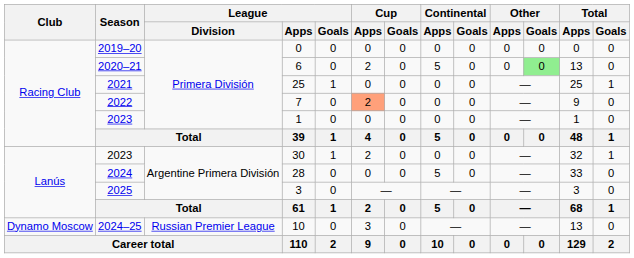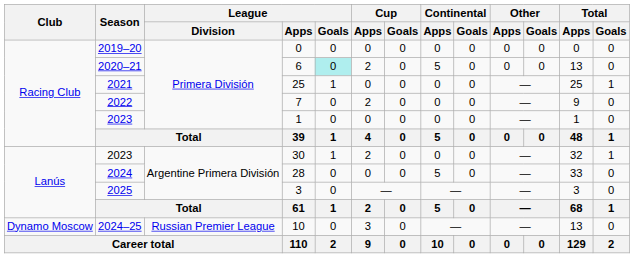 <table class="wikitable" style="text-align:center">
 <tr>
 <th rowspan="2">Club</th>
 <th rowspan="2">Season</th>
 <th colspan="3">League</th>
 <th colspan="2">Cup</th>
 <th colspan="2">Continental</th>
 <th colspan="2">Other</th>
 <th colspan="2">Total</th>
 </tr>
 <tr>
 <th>Division</th>
 <th>Apps</th>
 <th>Goals</th>
 <th>Apps</th>
 <th>Goals</th>
 <th>Apps</th>
 <th>Goals</th>
 <th>Apps</th>
 <th>Goals</th>
 <th>Apps</th>
 <th>Goals</th>
 </tr>
 <tr>
 <td rowspan="6"><a href='#'>Racing Club</a></td>
 <td><a href='#'>2019–20</a></td>
 <td rowspan="5"><a href='#'>Primera División</a></td>
 <td>0</td>
 <td>0</td>
 <td>0</td>
 <td>0</td>
 <td>0</td>
 <td>0</td>
 <td>0</td>
 <td>0</td>
 <td>0</td>
 <td>0</td>
 </tr>
 <tr>
 <td><a href='#'>2020–21</a></td>
 <td>6</td>
-<td>0</td>
+<td style="background: paleturquoise;">0</td>
 <td>2</td>
 <td>0</td>
 <td>5</td>
 <td>0</td>
 <td>0</td>
-<td style="background: lightgreen;">0</td>
+<td>0</td>
 <td>13</td>
 <td>0</td>
 </tr>
 <tr>
 <td><a href='#'>2021</a></td>
 <td>25</td>
 <td>1</td>
 <td>0</td>
 <td>0</td>
 <td>0</td>
 <td>0</td>
 <td colspan="2">—</td>
 <td>25</td>
 <td>1</td>
 </tr>
 <tr>
 <td><a href='#'>2022</a></td>
 <td>7</td>
 <td>0</td>
-<td style="background: lightsalmon;">2</td>
+<td>2</td>
 <td>0</td>
 <td>0</td>
 <td>0</td>
 <td colspan="2">—</td>
 <td>9</td>
 <td>0</td>
 </tr>
 <tr>
 <td><a href='#'>2023</a></td>
 <td>1</td>
 <td>0</td>
 <td>0</td>
 <td>0</td>
 <td>0</td>
 <td>0</td>
 <td colspan="2">—</td>
 <td>1</td>
 <td>0</td>
 </tr>
 <tr>
 <th colspan="2">Total</th>
 <th>39</th>
 <th>1</th>
 <th>4</th>
 <th>0</th>
 <th>5</th>
 <th>0</th>
 <th>0</th>
 <th>0</th>
 <th>48</th>
 <th>1</th>
 </tr>
 <tr>
 <td rowspan="4"><a href='#'>Lanús</a></td>
 <td>2023</td>
 <td rowspan="3">Argentine Primera División</td>
 <td>30</td>
 <td>1</td>
 <td>2</td>
 <td>0</td>
 <td>0</td>
 <td>0</td>
 <td colspan="2">—</td>
 <td>32</td>
 <td>1</td>
 </tr>
 <tr>
 <td><a href='#'>2024</a></td>
 <td>28</td>
 <td>0</td>
 <td>0</td>
 <td>0</td>
 <td>5</td>
 <td>0</td>
 <td colspan="2">—</td>
 <td>33</td>
 <td>0</td>
 </tr>
 <tr>
 <td><a href='#'>2025</a></td>
 <td>3</td>
 <td>0</td>
 <td colspan="2">—</td>
 <td colspan="2">—</td>
 <td colspan="2">—</td>
 <td>3</td>
 <td>0</td>
 </tr>
 <tr>
 <th colspan="2">Total</th>
 <th>61</th>
 <th>1</th>
 <th>2</th>
 <th>0</th>
 <th>5</th>
 <th>0</th>
 <th colspan="2">—</th>
 <th>68</th>
 <th>1</th>
 </tr>
 <tr>
 <td><a href='#'>Dynamo Moscow</a></td>
 <td><a href='#'>2024–25</a></td>
 <td><a href='#'>Russian Premier League</a></td>
 <td>10</td>
 <td>0</td>
 <td>3</td>
 <td>0</td>
 <td colspan="2">—</td>
 <td colspan="2">—</td>
 <td>13</td>
 <td>0</td>
 </tr>
 <tr>
 <th colspan="3">Career total</th>
 <th>110</th>
 <th>2</th>
 <th>9</th>
 <th>0</th>
 <th>10</th>
 <th>0</th>
 <th>0</th>
 <th>0</th>
 <th>129</th>
 <th>2</th>
 </tr>
 </table>
